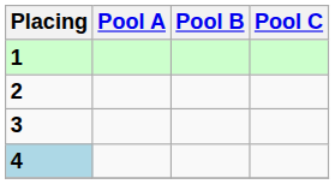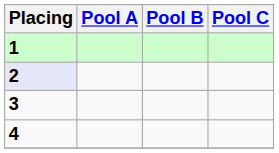 <table class=wikitable style="border:1px solid #AAAAAA;">
 <tr>
 <th>Placing</th>
 <th><a href='#'>Pool A</a></th>
 <th><a href='#'>Pool B</a></th>
 <th><a href='#'>Pool C</a></th>
 </tr>
 <tr style="background: #ccffcc;">
 <td><strong>1</strong></td>
 <td></td>
 <td></td>
 <td></td>
 </tr>
 <tr>
-<td><strong>2</strong></td>
+<td style="background: lavender;"><strong>2</strong></td>
 <td></td>
 <td></td>
 <td></td>
 </tr>
 <tr>
 <td><strong>3</strong></td>
 <td></td>
 <td></td>
 <td></td>
 </tr>
 <tr>
-<td style="background: lightblue;"><strong>4</strong></td>
+<td><strong>4</strong></td>
 <td></td>
 <td></td>
 <td></td>
 </tr>
 <tr>
 </tr>
 </table>
